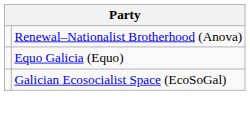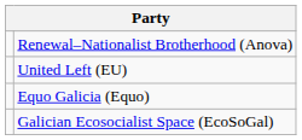 <table class="wikitable" style="text-align:left; font-size:97%;">
 <tr>
 <th colspan="2">Party</th>
 </tr>
 <tr>
 <td width="1"></td>
 <td><a href='#'>Renewal–Nationalist Brotherhood</a> (Anova)</td>
 </tr>
 <tr>
 <td></td>
+<td><a href='#'>United Left</a> (EU)</td>
+</tr>
+<tr>
+<td></td>
 <td><a href='#'>Equo Galicia</a> (Equo)</td>
 </tr>
 <tr>
 <td></td>
 <td><a href='#'>Galician Ecosocialist Space</a> (EcoSoGal)</td>
 </tr>
 </table>
